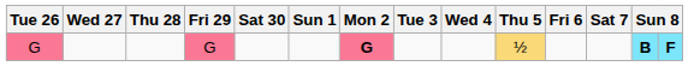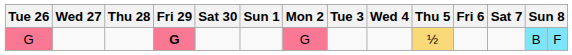 <table class="wikitable" style="margin:0.5em auto; font-size:90%; line-height:1.25em; text-align:center">
 <tr>
 <th>Tue 26</th>
 <th>Wed 27</th>
 <th>Thu 28</th>
 <th>Fri 29</th>
 <th>Sat 30</th>
 <th>Sun 1</th>
 <th>Mon 2</th>
 <th>Tue 3</th>
 <th>Wed 4</th>
 <th>Thu 5</th>
 <th>Fri 6</th>
 <th>Sat 7</th>
 <th colspan="2">Sun 8</th>
 </tr>
 <tr>
 <td bgcolor="#FA7894">G</td>
 <td></td>
 <td></td>
-<td bgcolor="#FA7894">G</td>
+<td bgcolor="#FA7894"><strong>G</strong></td>
 <td></td>
 <td></td>
-<td bgcolor="#FA7894"><strong>G</strong></td>
+<td bgcolor="#FA7894">G</td>
 <td></td>
 <td></td>
 <td bgcolor="#FAD978">½</td>
 <td></td>
 <td></td>
-<td bgcolor="#7DE5FA"><strong>B</strong></td>
-<td bgcolor="#7DE5FA"><strong>F</strong></td>
+<td bgcolor="#7DE5FA">B</td>
+<td bgcolor="#7DE5FA">F</td>
 </tr>
 </table>
